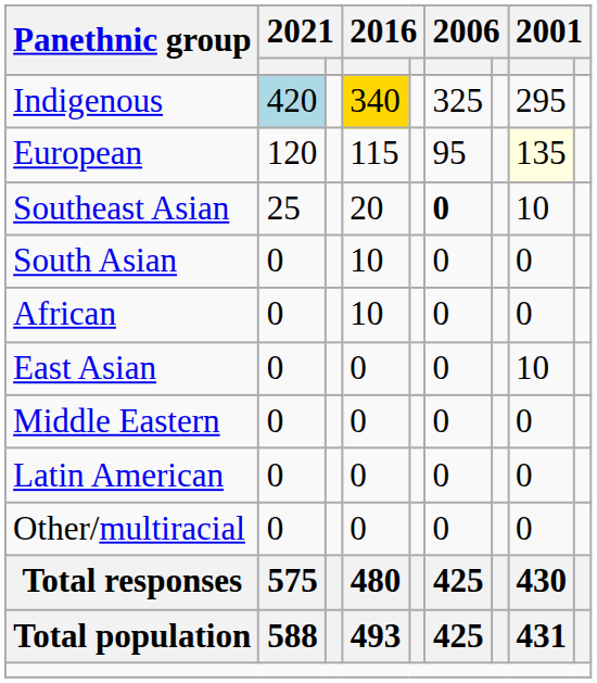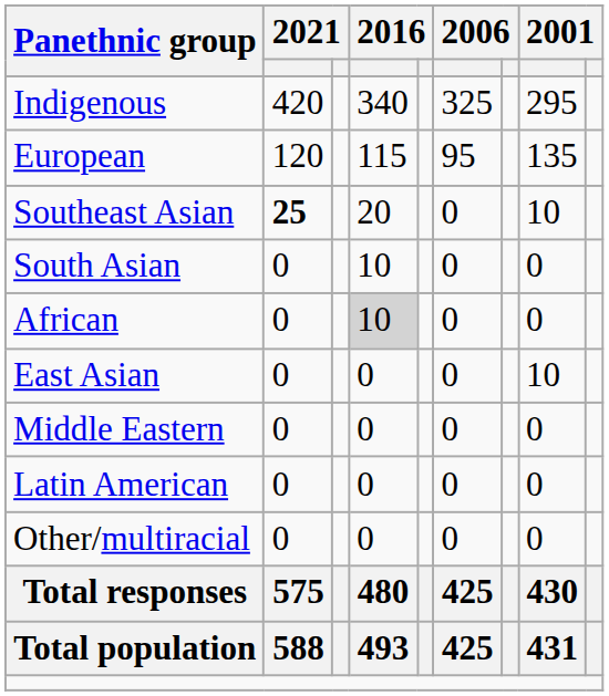 <table class="wikitable collapsible sortable">
 <tr>
 <th rowspan="2"><a href='#'>Panethnic</a> group</th>
 <th colspan="2">2021</th>
 <th colspan="2">2016</th>
 <th colspan="2">2006</th>
 <th colspan="2">2001</th>
 </tr>
 <tr>
 <th><a href='#'></a></th>
 <th></th>
 <th></th>
 <th></th>
 <th></th>
 <th></th>
 <th></th>
 <th></th>
 </tr>
 <tr>
 <td><a href='#'>Indigenous</a></td>
-<td style="background: lightblue;">420</td>
+<td>420</td>
 <td></td>
-<td style="background: gold;">340</td>
+<td>340</td>
 <td></td>
 <td>325</td>
 <td></td>
 <td>295</td>
 <td></td>
 </tr>
 <tr>
 <td><a href='#'>European</a></td>
 <td>120</td>
 <td></td>
 <td>115</td>
 <td></td>
 <td>95</td>
 <td></td>
-<td style="background: lightyellow;">135</td>
+<td>135</td>
 <td></td>
 </tr>
 <tr>
 <td><a href='#'>Southeast Asian</a></td>
-<td>25</td>
+<td><strong>25</strong></td>
 <td></td>
 <td>20</td>
 <td></td>
-<td><strong>0</strong></td>
+<td>0</td>
 <td></td>
 <td>10</td>
 <td></td>
 </tr>
 <tr>
 <td><a href='#'>South Asian</a></td>
 <td>0</td>
 <td></td>
 <td>10</td>
 <td></td>
 <td>0</td>
 <td></td>
 <td>0</td>
 <td></td>
 </tr>
 <tr>
 <td><a href='#'>African</a></td>
 <td>0</td>
 <td></td>
-<td>10</td>
+<td style="background: lightgrey;">10</td>
 <td></td>
 <td>0</td>
 <td></td>
 <td>0</td>
 <td></td>
 </tr>
 <tr>
 <td><a href='#'>East Asian</a></td>
 <td>0</td>
 <td></td>
 <td>0</td>
 <td></td>
 <td>0</td>
 <td></td>
 <td>10</td>
 <td></td>
 </tr>
 <tr>
 <td><a href='#'>Middle Eastern</a></td>
 <td>0</td>
 <td></td>
 <td>0</td>
 <td></td>
 <td>0</td>
 <td></td>
 <td>0</td>
 <td></td>
 </tr>
 <tr>
 <td><a href='#'>Latin American</a></td>
 <td>0</td>
 <td></td>
 <td>0</td>
 <td></td>
 <td>0</td>
 <td></td>
 <td>0</td>
 <td></td>
 </tr>
 <tr>
 <td>Other/<a href='#'>multiracial</a></td>
 <td>0</td>
 <td></td>
 <td>0</td>
 <td></td>
 <td>0</td>
 <td></td>
 <td>0</td>
 <td></td>
 </tr>
 <tr>
 <th>Total responses</th>
 <th>575</th>
 <th></th>
 <th>480</th>
 <th></th>
 <th>425</th>
 <th></th>
 <th>430</th>
 <th></th>
 </tr>
 <tr class="sortbottom">
 <th>Total population</th>
 <th>588</th>
 <th></th>
 <th>493</th>
 <th></th>
 <th>425</th>
 <th></th>
 <th>431</th>
 <th></th>
 </tr>
 <tr class="sortbottom">
 <td colspan="11"></td>
 </tr>
 </table>
